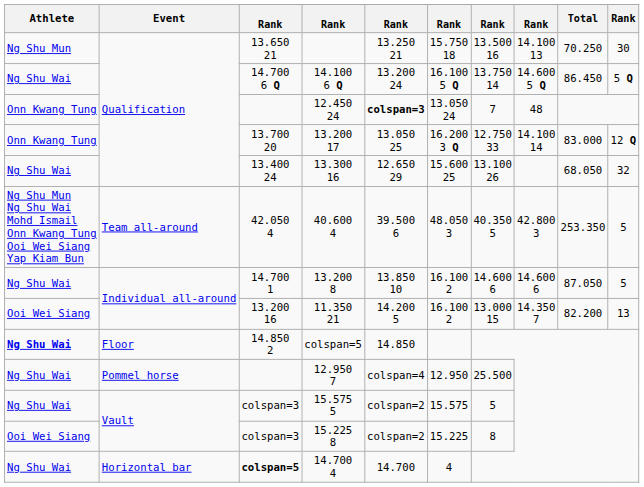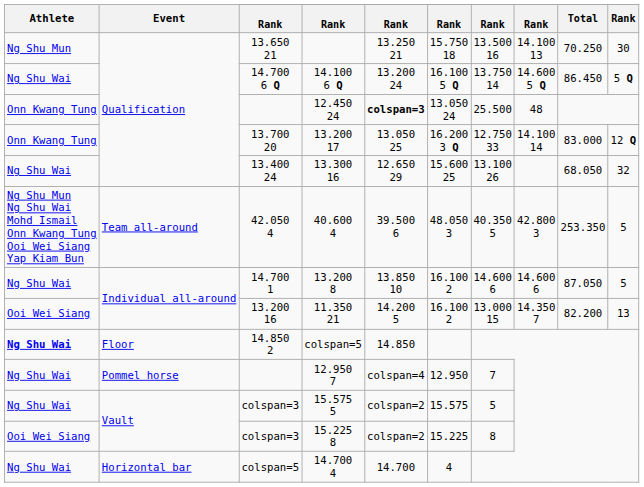 <table class=wikitable style="font-size:90%">
 <tr>
 <th rowspan=2>Athlete</th>
 <th rowspan=2>Event</th>
 </tr>
 <tr style="font-size:95%">
 <th><br>Rank</th>
 <th><br>Rank</th>
 <th><br>Rank</th>
 <th><br>Rank</th>
 <th><br>Rank</th>
 <th><br>Rank</th>
 <th>Total</th>
 <th>Rank</th>
 </tr>
 <tr align=center>
 <td align=left><a href='#'>Ng Shu Mun</a></td>
 <td align=left rowspan=5><a href='#'>Qualification</a></td>
 <td>13.650<br>21</td>
 <td></td>
 <td>13.250<br>21</td>
 <td>15.750<br>18</td>
 <td>13.500<br>16</td>
 <td>14.100<br>13</td>
 <td>70.250</td>
 <td>30</td>
 </tr>
 <tr align=center>
 <td align=left><a href='#'>Ng Shu Wai</a></td>
 <td>14.700<br>6 <strong>Q</strong></td>
 <td>14.100<br>6 <strong>Q</strong></td>
 <td>13.200<br>24</td>
 <td>16.100<br>5 <strong>Q</strong></td>
 <td>13.750<br>14</td>
 <td>14.600<br>5 <strong>Q</strong></td>
 <td>86.450</td>
 <td>5 <strong>Q</strong></td>
 </tr>
 <tr align=center>
 <td align=left><a href='#'>Onn Kwang Tung</a></td>
 <td></td>
 <td>12.450<br>24</td>
 <td><strong>colspan=3 </strong></td>
 <td>13.050<br>24</td>
-<td>7</td>
+<td>25.500</td>
 <td>48</td>
 </tr>
 <tr align=center>
 <td align=left><a href='#'>Onn Kwang Tung</a></td>
 <td>13.700<br>20</td>
 <td>13.200<br>17</td>
 <td>13.050<br>25</td>
 <td>16.200<br>3 <strong>Q</strong></td>
 <td>12.750<br>33</td>
 <td>14.100<br>14</td>
 <td>83.000</td>
 <td>12 <strong>Q</strong></td>
 </tr>
 <tr align=center>
 <td align=left><a href='#'>Ng Shu Wai</a></td>
 <td>13.400<br>24</td>
 <td>13.300<br>16</td>
 <td>12.650<br>29</td>
 <td>15.600<br>25</td>
 <td>13.100<br>26</td>
 <td></td>
 <td>68.050</td>
 <td>32</td>
 </tr>
 <tr align=center>
 <td align=left><a href='#'>Ng Shu Mun</a><br><a href='#'>Ng Shu Wai</a><br><a href='#'>Mohd Ismail</a><br><a href='#'>Onn Kwang Tung</a><br><a href='#'>Ooi Wei Siang</a><br><a href='#'>Yap Kiam Bun</a></td>
 <td align=left><a href='#'>Team all-around</a></td>
 <td>42.050<br>4</td>
 <td>40.600<br>4</td>
 <td>39.500<br>6</td>
 <td>48.050<br>3</td>
 <td>40.350<br>5</td>
 <td>42.800<br>3</td>
 <td>253.350</td>
 <td>5</td>
 </tr>
 <tr align=center>
 <td align=left><a href='#'>Ng Shu Wai</a></td>
 <td align=left rowspan=2><a href='#'>Individual all-around</a></td>
 <td>14.700<br>1</td>
 <td>13.200<br>8</td>
 <td>13.850<br>10</td>
 <td>16.100<br>2</td>
 <td>14.600<br>6</td>
 <td>14.600<br>6</td>
 <td>87.050</td>
 <td>5</td>
 </tr>
 <tr align=center>
 <td align=left><a href='#'>Ooi Wei Siang</a></td>
 <td>13.200<br>16</td>
 <td>11.350<br>21</td>
 <td>14.200<br>5</td>
 <td>16.100<br>2</td>
 <td>13.000<br>15</td>
 <td>14.350<br>7</td>
 <td>82.200</td>
 <td>13</td>
 </tr>
 <tr align=center>
 <td align=left><strong><a href='#'>Ng Shu Wai</a></strong></td>
 <td align=left><a href='#'>Floor</a></td>
 <td>14.850<br>2</td>
 <td>colspan=5 </td>
 <td>14.850</td>
 <td></td>
 </tr>
 <tr align=center>
 <td align=left><a href='#'>Ng Shu Wai</a></td>
 <td align=left><a href='#'>Pommel horse</a></td>
 <td></td>
 <td>12.950<br>7</td>
 <td>colspan=4 </td>
 <td>12.950</td>
-<td>25.500</td>
+<td>7</td>
 </tr>
 <tr align=center>
 <td align=left><a href='#'>Ng Shu Wai</a></td>
 <td align=left rowspan=2><a href='#'>Vault</a></td>
 <td>colspan=3 </td>
 <td>15.575<br>5</td>
 <td>colspan=2 </td>
 <td>15.575</td>
 <td>5</td>
 </tr>
 <tr align=center>
 <td align=left><a href='#'>Ooi Wei Siang</a></td>
 <td>colspan=3 </td>
 <td>15.225<br>8</td>
 <td>colspan=2 </td>
 <td>15.225</td>
 <td>8</td>
 </tr>
 <tr align=center>
 <td align=left><a href='#'>Ng Shu Wai</a></td>
 <td align=left><a href='#'>Horizontal bar</a></td>
-<td><strong>colspan=5 </strong></td>
+<td>colspan=5 </td>
 <td>14.700<br>4</td>
 <td>14.700</td>
 <td>4</td>
 </tr>
 </table>
